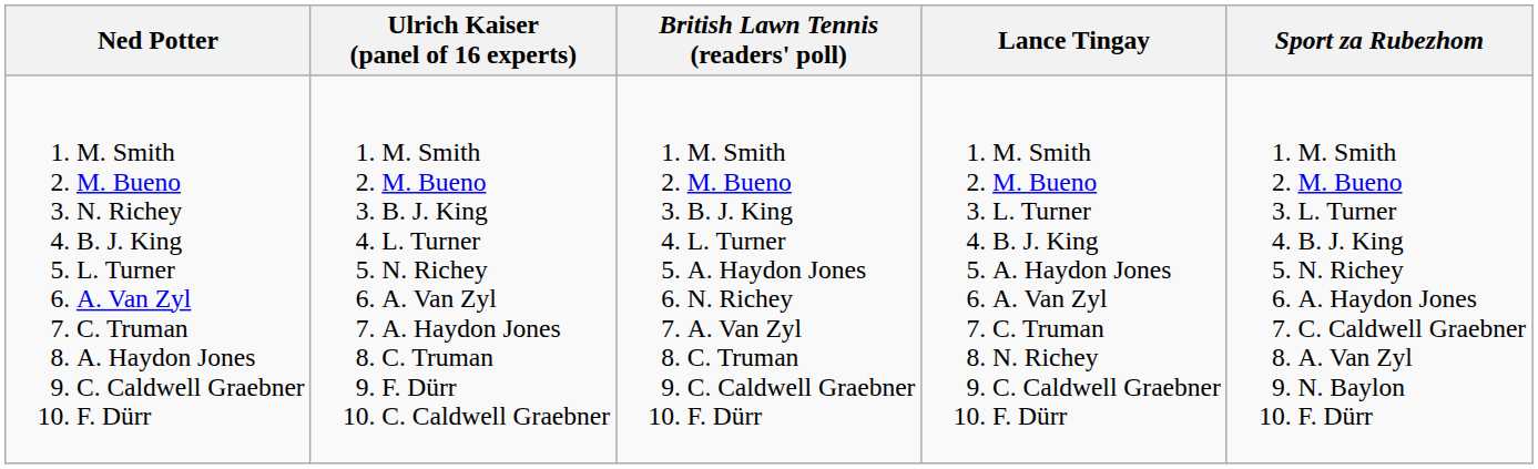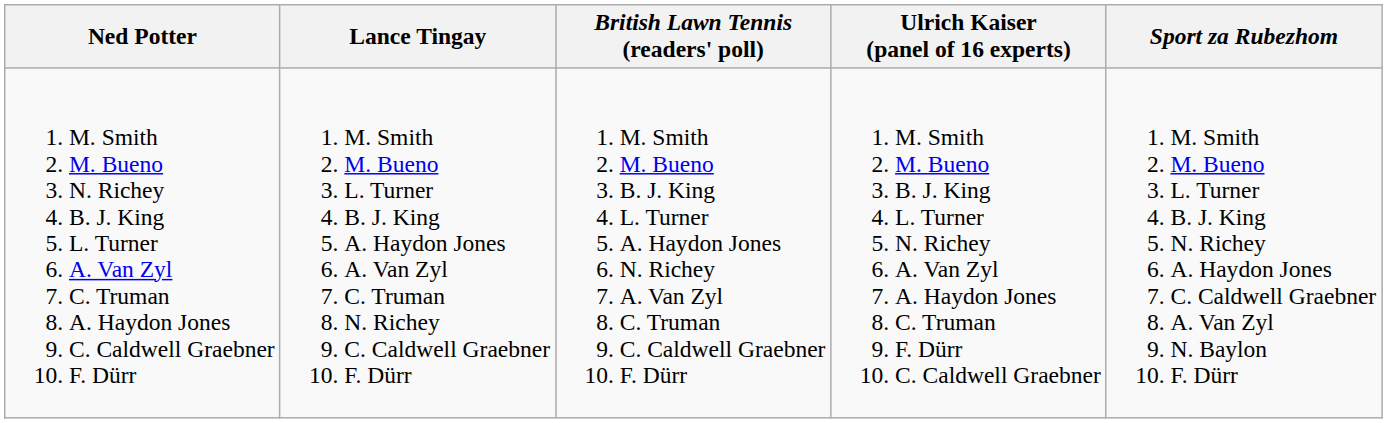 <table class="wikitable">
 <tr>
 <th>Ned Potter</th>
+<th>Lance Tingay<strong></strong></th>
+<th><em>British Lawn Tennis</em><br>(readers' poll)</th>
 <th>Ulrich Kaiser<em></em><br>(panel of 16 experts)</th>
-<th><em>British Lawn Tennis</em><br>(readers' poll)</th>
-<th>Lance Tingay<strong></strong></th>
 <th><strong><em>Sport za Rubezhom</em></strong></th>
 </tr>
 <tr style="vertical-align: top;">
 <td style="white-space: nowrap;"><br><ol><li> M. Smith</li><li> <a href='#'>M. Bueno</a></li><li> N. Richey</li><li> B. J. King</li><li> L. Turner</li><li> <a href='#'>A. Van Zyl</a></li><li> C. Truman</li><li> A. Haydon Jones</li><li> C. Caldwell Graebner</li><li> F. Dürr</li></ol></td>
+<td style="white-space: nowrap;"><br><ol><li> M. Smith</li><li> <a href='#'>M. Bueno</a></li><li> L. Turner</li><li> B. J. King</li><li> A. Haydon Jones</li><li> A. Van Zyl</li><li> C. Truman</li><li> N. Richey</li><li> C. Caldwell Graebner</li><li> F. Dürr</li></ol></td>
+<td style="white-space: nowrap;"><br><ol><li> M. Smith</li><li> <a href='#'>M. Bueno</a></li><li> B. J. King</li><li> L. Turner</li><li> A. Haydon Jones</li><li> N. Richey</li><li> A. Van Zyl</li><li> C. Truman</li><li> C. Caldwell Graebner</li><li> F. Dürr</li></ol></td>
 <td style="white-space: nowrap;"><br><ol><li> M. Smith</li><li> <a href='#'>M. Bueno</a></li><li> B. J. King</li><li> L. Turner</li><li> N. Richey</li><li> A. Van Zyl</li><li> A. Haydon Jones</li><li> C. Truman</li><li> F. Dürr</li><li> C. Caldwell Graebner</li></ol></td>
-<td style="white-space: nowrap;"><br><ol><li> M. Smith</li><li> <a href='#'>M. Bueno</a></li><li> B. J. King</li><li> L. Turner</li><li> A. Haydon Jones</li><li> N. Richey</li><li> A. Van Zyl</li><li> C. Truman</li><li> C. Caldwell Graebner</li><li> F. Dürr</li></ol></td>
-<td style="white-space: nowrap;"><br><ol><li> M. Smith</li><li> <a href='#'>M. Bueno</a></li><li> L. Turner</li><li> B. J. King</li><li> A. Haydon Jones</li><li> A. Van Zyl</li><li> C. Truman</li><li> N. Richey</li><li> C. Caldwell Graebner</li><li> F. Dürr</li></ol></td>
 <td style="white-space: nowrap;"><br><ol><li> M. Smith</li><li> <a href='#'>M. Bueno</a></li><li> L. Turner</li><li> B. J. King</li><li> N. Richey</li><li> A. Haydon Jones</li><li> C. Caldwell Graebner</li><li> A. Van Zyl</li><li> N. Baylon</li><li> F. Dürr</li></ol></td>
 </tr>
 </table>
